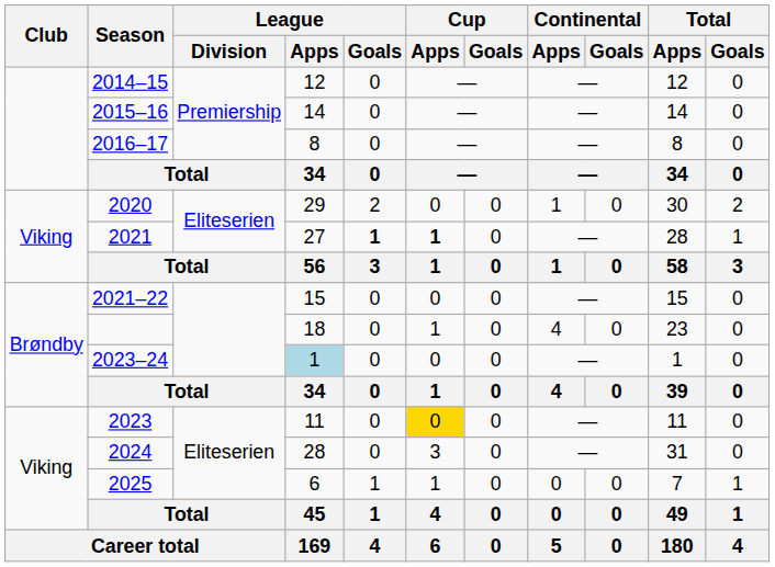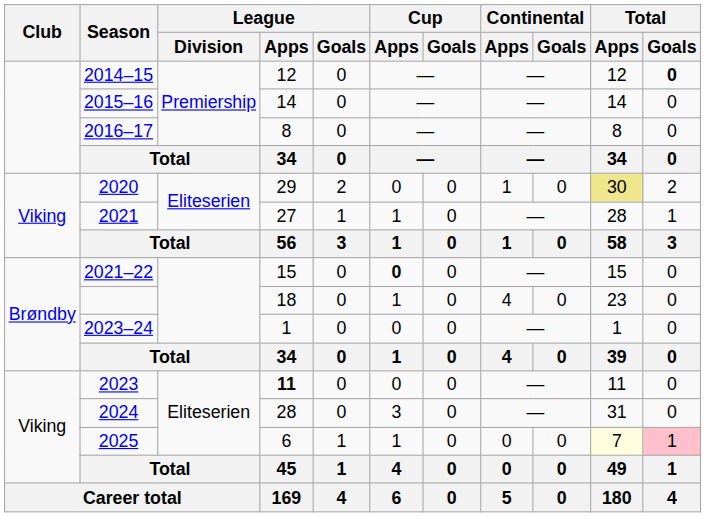 <table class="wikitable" style="text-align:center">
 <tr>
 <th rowspan="2">Club</th>
 <th rowspan="2">Season</th>
 <th colspan="3">League</th>
 <th colspan="2">Cup</th>
 <th colspan="2">Continental</th>
 <th colspan="2">Total</th>
 </tr>
 <tr>
 <th>Division</th>
 <th>Apps</th>
 <th>Goals</th>
 <th>Apps</th>
 <th>Goals</th>
 <th>Apps</th>
 <th>Goals</th>
 <th>Apps</th>
 <th>Goals</th>
 </tr>
 <tr>
 <td rowspan="4"></td>
 <td><a href='#'>2014–15</a></td>
 <td rowspan=3><a href='#'>Premiership</a></td>
 <td>12</td>
 <td>0</td>
 <td colspan="2">—</td>
 <td colspan="2">—</td>
 <td>12</td>
-<td>0</td>
+<td><strong>0</strong></td>
 </tr>
 <tr>
 <td><a href='#'>2015–16</a></td>
 <td>14</td>
 <td>0</td>
 <td colspan="2">—</td>
 <td colspan="2">—</td>
 <td>14</td>
 <td>0</td>
 </tr>
 <tr>
 <td><a href='#'>2016–17</a></td>
 <td>8</td>
 <td>0</td>
 <td colspan="2">—</td>
 <td colspan="2">—</td>
 <td>8</td>
 <td>0</td>
 </tr>
 <tr>
 <th colspan="2">Total</th>
 <th>34</th>
 <th>0</th>
 <th colspan="2">—</th>
 <th colspan="2">—</th>
 <th>34</th>
 <th>0</th>
 </tr>
 <tr>
 <td rowspan="3"><a href='#'>Viking</a></td>
 <td><a href='#'>2020</a></td>
 <td rowspan=2><a href='#'>Eliteserien</a></td>
 <td>29</td>
 <td>2</td>
 <td>0</td>
 <td>0</td>
 <td>1</td>
 <td>0</td>
-<td>30</td>
+<td style="background: khaki;">30</td>
 <td>2</td>
 </tr>
 <tr>
 <td><a href='#'>2021</a></td>
 <td>27</td>
-<td><strong>1</strong></td>
-<td><strong>1</strong></td>
+<td>1</td>
+<td>1</td>
 <td>0</td>
 <td colspan="2">—</td>
 <td>28</td>
 <td>1</td>
 </tr>
 <tr>
 <th colspan="2">Total</th>
 <th>56</th>
 <th>3</th>
 <th>1</th>
 <th>0</th>
 <th>1</th>
 <th>0</th>
 <th>58</th>
 <th>3</th>
 </tr>
 <tr>
 <td rowspan="4"><a href='#'>Brøndby</a></td>
 <td><a href='#'>2021–22</a></td>
 <td rowspan=3></td>
 <td>15</td>
 <td>0</td>
-<td>0</td>
+<td><strong>0</strong></td>
 <td>0</td>
 <td colspan="2">—</td>
 <td>15</td>
 <td>0</td>
 </tr>
 <tr>
 <td></td>
 <td>18</td>
 <td>0</td>
 <td>1</td>
 <td>0</td>
 <td>4</td>
 <td>0</td>
 <td>23</td>
 <td>0</td>
 </tr>
 <tr>
 <td><a href='#'>2023–24</a></td>
-<td style="background: lightblue;">1</td>
+<td>1</td>
 <td>0</td>
 <td>0</td>
 <td>0</td>
 <td colspan="2">—</td>
 <td>1</td>
 <td>0</td>
 </tr>
 <tr>
 <th colspan="2">Total</th>
 <th>34</th>
 <th>0</th>
 <th>1</th>
 <th>0</th>
 <th>4</th>
 <th>0</th>
 <th>39</th>
 <th>0</th>
 </tr>
 <tr>
 <td rowspan="4">Viking</td>
 <td><a href='#'>2023</a></td>
 <td rowspan=3>Eliteserien</td>
-<td>11</td>
+<td><strong>11</strong></td>
 <td>0</td>
-<td style="background: gold;">0</td>
+<td>0</td>
 <td>0</td>
 <td colspan="2">—</td>
 <td>11</td>
 <td>0</td>
 </tr>
 <tr>
 <td><a href='#'>2024</a></td>
 <td>28</td>
 <td>0</td>
 <td>3</td>
 <td>0</td>
 <td colspan="2">—</td>
 <td>31</td>
 <td>0</td>
 </tr>
 <tr>
 <td><a href='#'>2025</a></td>
 <td>6</td>
 <td>1</td>
 <td>1</td>
 <td>0</td>
 <td>0</td>
 <td>0</td>
-<td>7</td>
-<td>1</td>
+<td style="background: lightyellow;">7</td>
+<td style="background: pink;">1</td>
 </tr>
 <tr>
 <th colspan="2">Total</th>
 <th>45</th>
 <th>1</th>
 <th>4</th>
 <th>0</th>
 <th>0</th>
 <th>0</th>
 <th>49</th>
 <th>1</th>
 </tr>
 <tr>
 <th colspan="3">Career total</th>
 <th>169</th>
 <th>4</th>
 <th>6</th>
 <th>0</th>
 <th>5</th>
 <th>0</th>
 <th>180</th>
 <th>4</th>
 </tr>
 </table>
